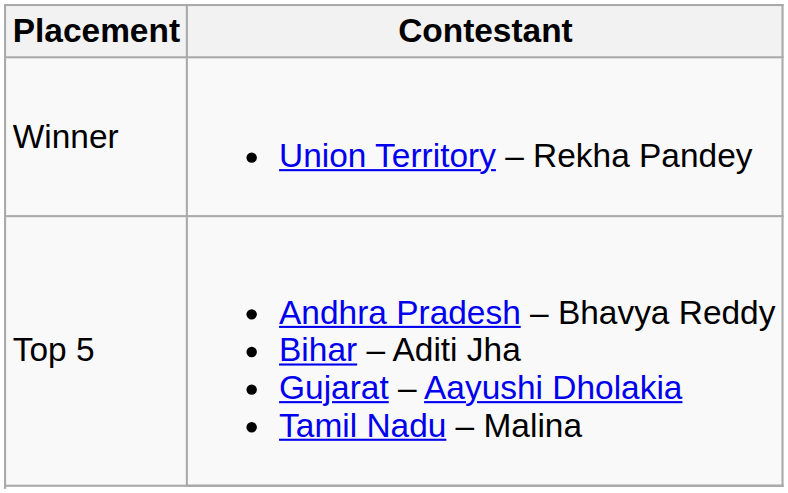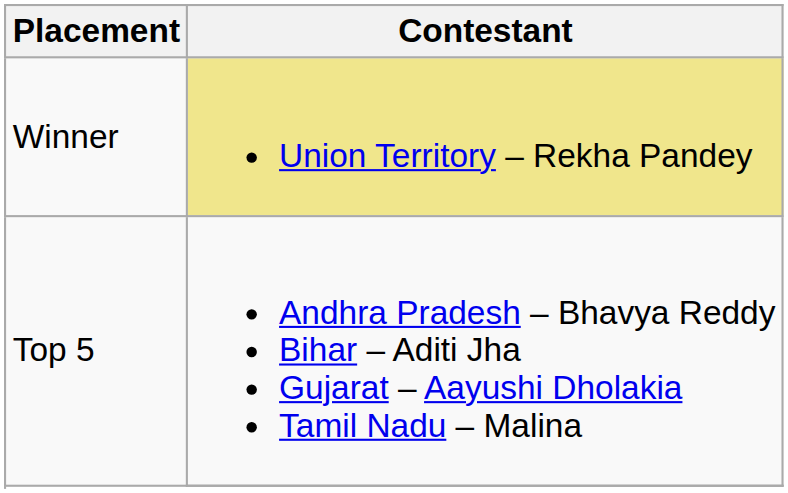 <table class="wikitable">
 <tr>
 <th>Placement</th>
 <th>Contestant</th>
 </tr>
 <tr>
 <td>Winner</td>
-<td><br><ul><li><a href='#'>Union Territory</a> – Rekha Pandey</li></ul></td>
+<td style="background: khaki;"><br><ul><li><a href='#'>Union Territory</a> – Rekha Pandey</li></ul></td>
 </tr>
 <tr>
 <td rowspan=5>Top 5</td>
 <td><br><ul><li><a href='#'>Andhra Pradesh</a> – Bhavya Reddy</li><li><a href='#'>Bihar</a> – Aditi Jha</li><li><a href='#'>Gujarat</a> – <a href='#'>Aayushi Dholakia</a></li><li><a href='#'>Tamil Nadu</a> – Malina</li></ul></td>
 </tr>
 <tr>
 </tr>
 </table>
